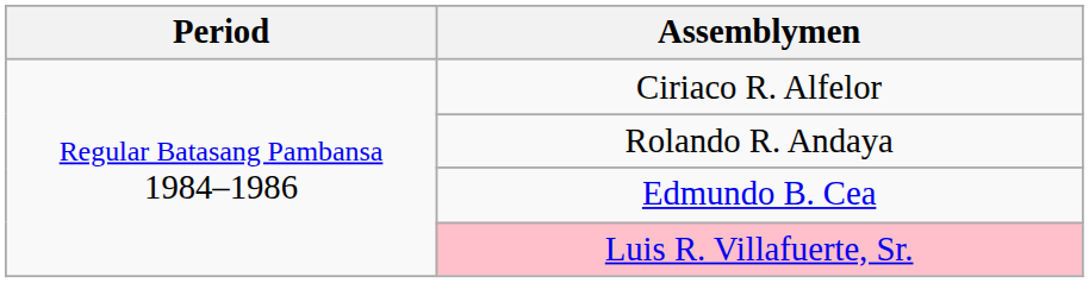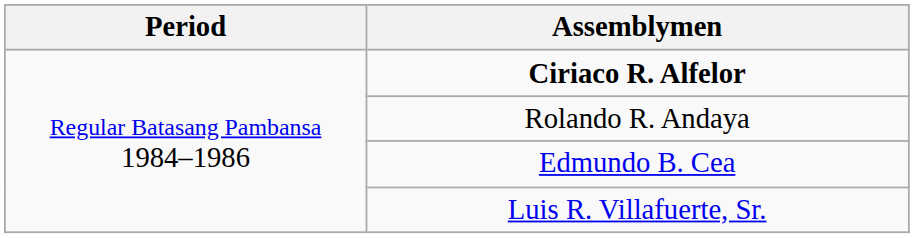 <table class="wikitable" style="text-align:center; width:40%;">
 <tr>
 <th width="40%">Period</th>
 <th>Assemblymen</th>
 </tr>
 <tr>
 <td rowspan="4"><small><a href='#'>Regular Batasang Pambansa</a></small><br>1984–1986</td>
-<td>Ciriaco R. Alfelor</td>
+<td><strong>Ciriaco R. Alfelor</strong></td>
 </tr>
 <tr>
 <td>Rolando R. Andaya</td>
 </tr>
 <tr>
 <td><a href='#'>Edmundo B. Cea</a></td>
 </tr>
 <tr>
-<td style="background: pink;"><a href='#'>Luis R. Villafuerte, Sr.</a></td>
+<td><a href='#'>Luis R. Villafuerte, Sr.</a></td>
 </tr>
 </table>
